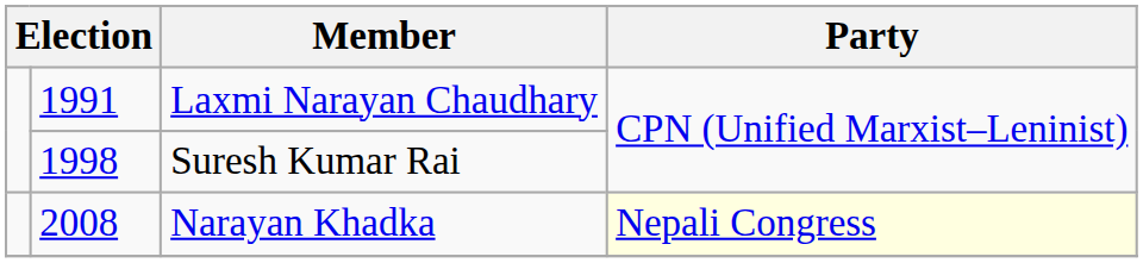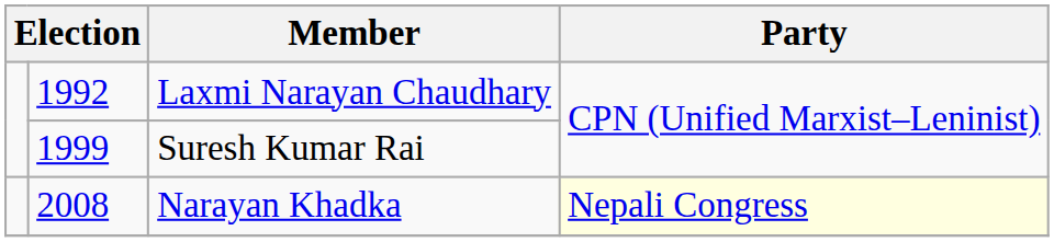 <table class="wikitable">
 <tr>
 <th colspan="2">Election</th>
 <th>Member</th>
 <th>Party</th>
 </tr>
 <tr>
 <td rowspan="2" style="background-color:"></td>
-<td><a href='#'>1991</a></td>
+<td><a href='#'>1992</a></td>
 <td><a href='#'>Laxmi Narayan Chaudhary</a></td>
 <td rowspan="2"><a href='#'>CPN (Unified Marxist–Leninist)</a></td>
 </tr>
 <tr>
-<td><a href='#'>1998</a></td>
+<td><a href='#'>1999</a></td>
 <td>Suresh Kumar Rai</td>
 </tr>
 <tr>
 <td style="background-color:"></td>
 <td><a href='#'>2008</a></td>
 <td><a href='#'>Narayan Khadka</a></td>
 <td style="background: lightyellow;"><a href='#'>Nepali Congress</a></td>
 </tr>
 <tr>
 </tr>
 </table>
